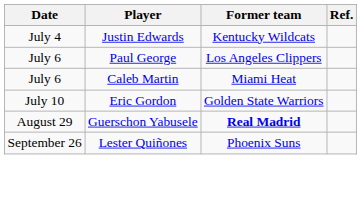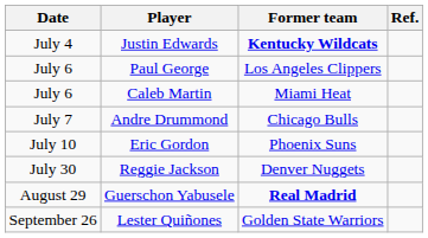 <table class="wikitable sortable sortable" style="text-align: center">
 <tr>
 <th>Date</th>
 <th>Player</th>
 <th>Former team</th>
 <th>Ref.</th>
 </tr>
 <tr>
 <td>July 4</td>
 <td><a href='#'>Justin Edwards</a></td>
-<td><a href='#'>Kentucky Wildcats</a></td>
+<td><strong><a href='#'>Kentucky Wildcats</a></strong></td>
 <td></td>
 </tr>
 <tr>
 <td>July 6</td>
 <td><a href='#'>Paul George</a></td>
 <td><a href='#'>Los Angeles Clippers</a></td>
 <td></td>
 </tr>
 <tr>
 <td>July 6</td>
 <td><a href='#'>Caleb Martin</a></td>
 <td><a href='#'>Miami Heat</a></td>
 <td></td>
 </tr>
 <tr>
+<td>July 7</td>
+<td><a href='#'>Andre Drummond</a></td>
+<td><a href='#'>Chicago Bulls</a></td>
+<td></td>
+</tr>
+<tr>
 <td>July 10</td>
 <td><a href='#'>Eric Gordon</a></td>
-<td><a href='#'>Golden State Warriors</a></td>
+<td><a href='#'>Phoenix Suns</a></td>
+<td></td>
+</tr>
+<tr>
+<td>July 30</td>
+<td><a href='#'>Reggie Jackson</a></td>
+<td><a href='#'>Denver Nuggets</a></td>
 <td></td>
 </tr>
 <tr>
 <td>August 29</td>
 <td><a href='#'>Guerschon Yabusele</a></td>
 <td><strong> <a href='#'>Real Madrid</a></strong></td>
 <td></td>
 </tr>
 <tr>
 <td>September 26</td>
 <td><a href='#'>Lester Quiñones</a></td>
-<td><a href='#'>Phoenix Suns</a></td>
+<td><a href='#'>Golden State Warriors</a></td>
 <td></td>
 </tr>
 </table>
